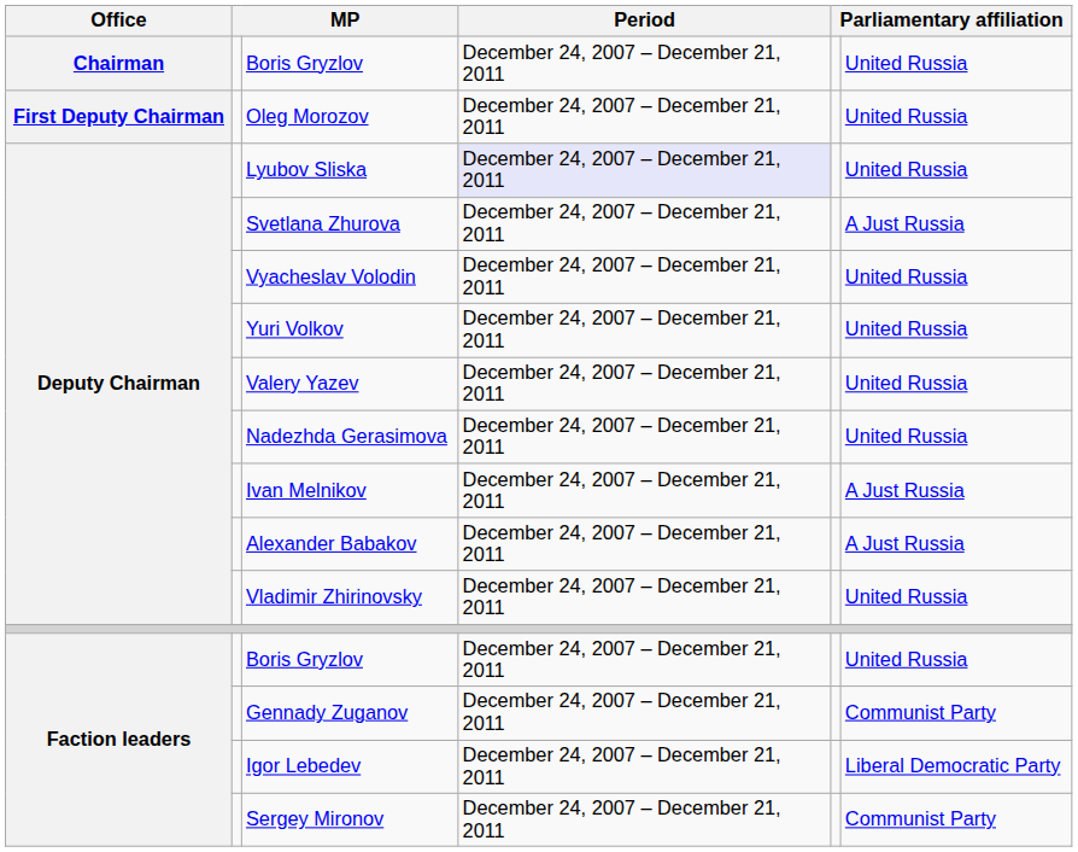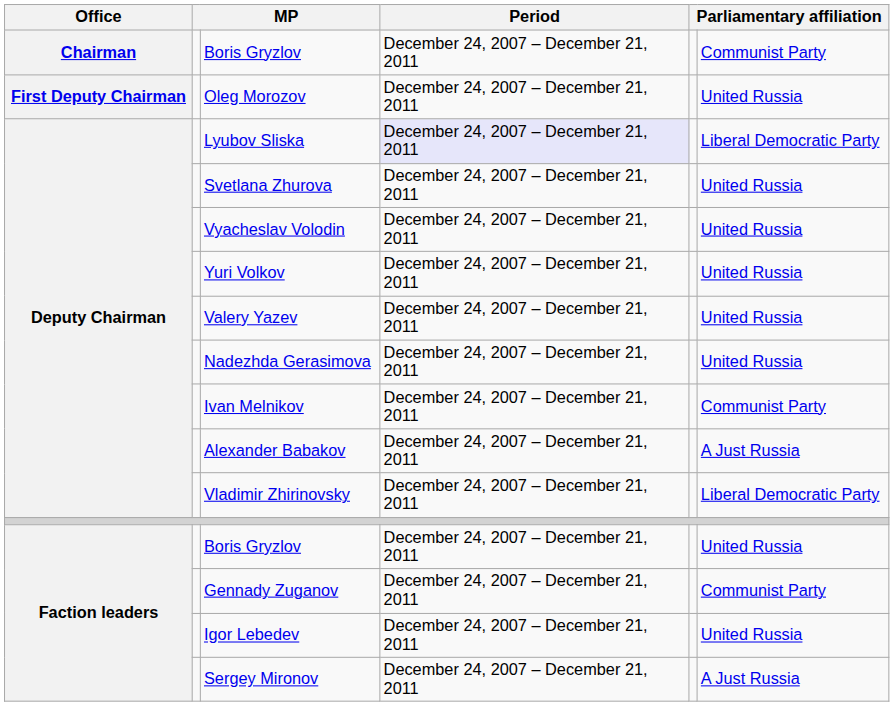 <table class=wikitable>
 <tr>
 <th>Office</th>
 <th colspan=2>MP</th>
 <th style="width:35%">Period</th>
 <th colspan=2>Parliamentary affiliation</th>
 </tr>
 <tr>
 <th><a href='#'>Chairman</a></th>
 <td style="background-color:"></td>
 <td><a href='#'>Boris Gryzlov</a></td>
 <td>December 24, 2007 – December 21, 2011</td>
 <td style="background-color:"></td>
-<td><a href='#'>United Russia</a></td>
+<td><a href='#'>Communist Party</a></td>
 </tr>
 <tr>
 <th><a href='#'>First Deputy Chairman</a></th>
 <td style="background-color:"></td>
 <td><a href='#'>Oleg Morozov</a></td>
 <td>December 24, 2007 – December 21, 2011</td>
 <td style="background-color:"></td>
 <td><a href='#'>United Russia</a></td>
 </tr>
 <tr>
 <th rowspan=9>Deputy Chairman</th>
 <td style="background-color:"></td>
 <td><a href='#'>Lyubov Sliska</a></td>
 <td style="background: lavender;">December 24, 2007 – December 21, 2011</td>
 <td style="background-color:"></td>
-<td><a href='#'>United Russia</a></td>
+<td><a href='#'>Liberal Democratic Party</a></td>
 </tr>
 <tr>
 <td style="background-color:"></td>
 <td><a href='#'>Svetlana Zhurova</a></td>
 <td>December 24, 2007 – December 21, 2011</td>
 <td style="background-color:"></td>
-<td><a href='#'>A Just Russia</a></td>
+<td><a href='#'>United Russia</a></td>
 </tr>
 <tr>
 <td style="background-color:"></td>
 <td><a href='#'>Vyacheslav Volodin</a></td>
 <td>December 24, 2007 – December 21, 2011</td>
 <td style="background-color:"></td>
 <td><a href='#'>United Russia</a></td>
 </tr>
 <tr>
 <td style="background-color:"></td>
 <td><a href='#'>Yuri Volkov</a></td>
 <td>December 24, 2007 – December 21, 2011</td>
 <td style="background-color:"></td>
 <td><a href='#'>United Russia</a></td>
 </tr>
 <tr>
 <td style="background-color:"></td>
 <td><a href='#'>Valery Yazev</a></td>
 <td>December 24, 2007 – December 21, 2011</td>
 <td style="background-color:"></td>
 <td><a href='#'>United Russia</a></td>
 </tr>
 <tr>
 <td style="background-color:"></td>
 <td><a href='#'>Nadezhda Gerasimova</a></td>
 <td>December 24, 2007 – December 21, 2011</td>
 <td style="background-color:"></td>
 <td><a href='#'>United Russia</a></td>
 </tr>
 <tr>
 <td style="background-color:"></td>
 <td><a href='#'>Ivan Melnikov</a></td>
 <td>December 24, 2007 – December 21, 2011</td>
 <td style="background-color:"></td>
-<td><a href='#'>A Just Russia</a></td>
+<td><a href='#'>Communist Party</a></td>
 </tr>
 <tr>
 <td style="background-color:"></td>
 <td><a href='#'>Alexander Babakov</a></td>
 <td>December 24, 2007 – December 21, 2011</td>
 <td style="background-color:"></td>
 <td><a href='#'>A Just Russia</a></td>
 </tr>
 <tr>
 <td style="background-color:"></td>
 <td><a href='#'>Vladimir Zhirinovsky</a></td>
 <td>December 24, 2007 – December 21, 2011</td>
 <td style="background-color:"></td>
-<td><a href='#'>United Russia</a></td>
+<td><a href='#'>Liberal Democratic Party</a></td>
 </tr>
 <tr>
 <td colspan=7; bgcolor="lightgrey"></td>
 </tr>
 <tr>
 <th rowspan=4>Faction leaders</th>
 <td style="background-color:"></td>
 <td><a href='#'>Boris Gryzlov</a></td>
 <td>December 24, 2007 – December 21, 2011</td>
 <td style="background-color:"></td>
 <td><a href='#'>United Russia</a></td>
 </tr>
 <tr>
 <td style="background-color:"></td>
 <td><a href='#'>Gennady Zuganov</a></td>
 <td>December 24, 2007 – December 21, 2011</td>
 <td style="background-color:"></td>
 <td><a href='#'>Communist Party</a></td>
 </tr>
 <tr>
 <td style="background-color:"></td>
 <td><a href='#'>Igor Lebedev</a></td>
 <td>December 24, 2007 – December 21, 2011</td>
 <td style="background-color:"></td>
-<td><a href='#'>Liberal Democratic Party</a></td>
+<td><a href='#'>United Russia</a></td>
 </tr>
 <tr>
 <td style="background-color:"></td>
 <td><a href='#'>Sergey Mironov</a></td>
 <td>December 24, 2007 – December 21, 2011</td>
 <td style="background-color:"></td>
-<td><a href='#'>Communist Party</a></td>
+<td><a href='#'>A Just Russia</a></td>
 </tr>
 </table>
